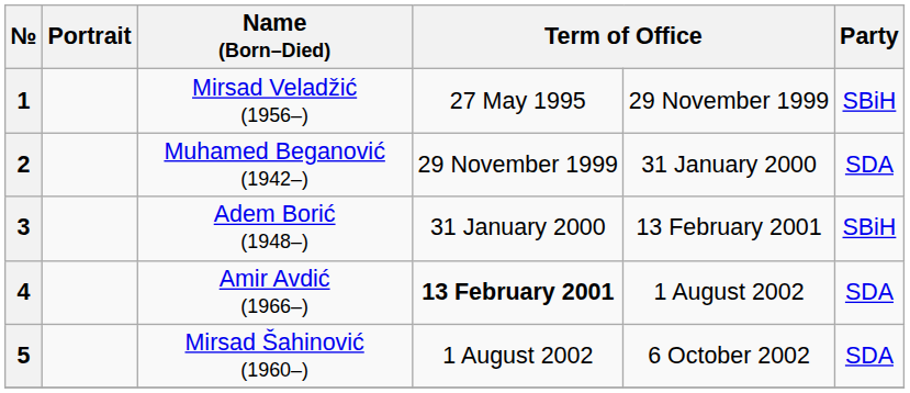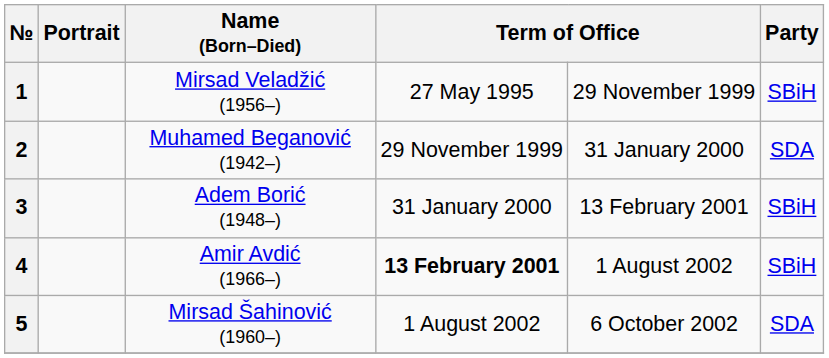 <table class="wikitable" style="text-align:center">
 <tr ->
 <th>№</th>
 <th>Portrait</th>
 <th width=180>Name<br><small>(Born–Died)</small></th>
 <th colspan=2>Term of Office</th>
 <th>Party</th>
 </tr>
 <tr ->
 <th style="background:">1</th>
 <td></td>
 <td><a href='#'>Mirsad Veladžić</a><br><small>(1956–)</small></td>
 <td>27 May 1995</td>
 <td>29 November 1999</td>
 <td><a href='#'>SBiH</a></td>
 </tr>
 <tr ->
 <th style="background:">2</th>
 <td></td>
 <td><a href='#'>Muhamed Beganović</a><br><small>(1942–)</small></td>
 <td>29 November 1999</td>
 <td>31 January 2000</td>
 <td><a href='#'>SDA</a></td>
 </tr>
 <tr ->
 <th style="background:">3</th>
 <td></td>
 <td><a href='#'>Adem Borić</a><br><small>(1948–)</small></td>
 <td>31 January 2000</td>
 <td>13 February 2001</td>
 <td><a href='#'>SBiH</a></td>
 </tr>
 <tr ->
 <th style="background:">4</th>
 <td></td>
 <td><a href='#'>Amir Avdić</a><br><small>(1966–)</small></td>
 <td><strong>13 February 2001</strong></td>
 <td>1 August 2002</td>
-<td><a href='#'>SDA</a></td>
+<td><a href='#'>SBiH</a></td>
 </tr>
 <tr ->
 <th style="background:">5</th>
 <td></td>
 <td><a href='#'>Mirsad Šahinović</a><br><small>(1960–)</small></td>
 <td>1 August 2002</td>
 <td>6 October 2002</td>
 <td><a href='#'>SDA</a></td>
 </tr>
 <tr ->
 </tr>
 </table>
